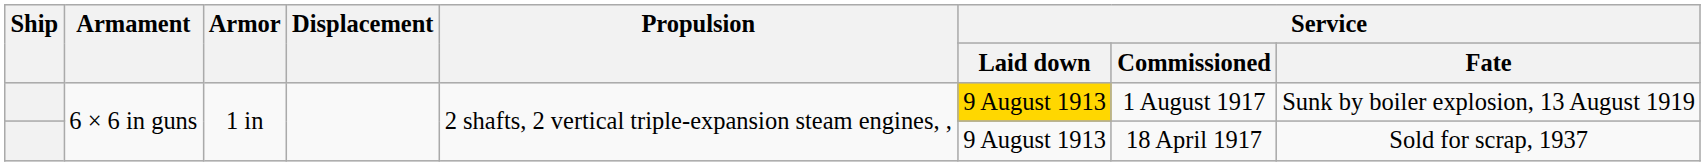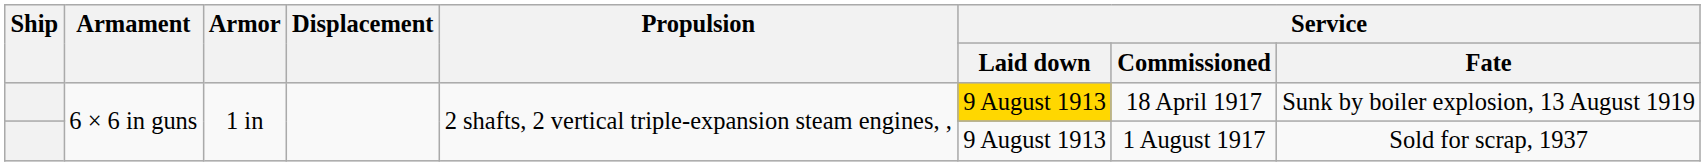 <table class="wikitable plainrowheaders" style="text-align: center;">
 <tr valign="top">
 <th scope="col" rowspan="2">Ship</th>
 <th scope="col" rowspan="2">Armament</th>
 <th scope="col" rowspan="2">Armor</th>
 <th scope="col" rowspan="2">Displacement</th>
 <th scope="col" rowspan="2">Propulsion</th>
 <th scope="col" colspan="3">Service</th>
 </tr>
 <tr valign="top">
 <th scope="col">Laid down</th>
 <th scope="col">Commissioned</th>
 <th scope="col">Fate</th>
 </tr>
 <tr valign="center">
 <th scope="row"></th>
 <td rowspan="2">6 × 6 in guns</td>
 <td rowspan="2">1 in</td>
 <td rowspan="2"></td>
 <td rowspan="2">2 shafts, 2 vertical triple-expansion steam engines, , </td>
 <td style="background: gold;">9 August 1913</td>
-<td>1 August 1917</td>
+<td>18 April 1917</td>
 <td>Sunk by boiler explosion, 13 August 1919</td>
 </tr>
 <tr valign="center">
 <th scope="row"></th>
 <td>9 August 1913</td>
-<td>18 April 1917</td>
+<td>1 August 1917</td>
 <td>Sold for scrap, 1937</td>
 </tr>
 </table>
